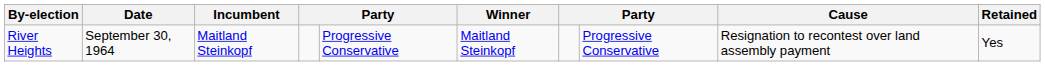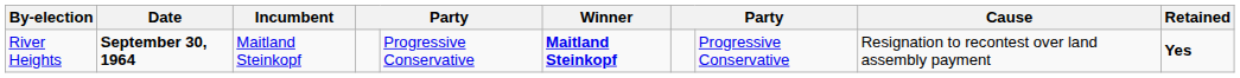 <table class="wikitable" style="width:100%">
 <tr>
 <th>By-election</th>
 <th>Date</th>
 <th>Incumbent</th>
 <th colspan="2">Party</th>
 <th>Winner</th>
 <th colspan="2">Party</th>
 <th>Cause</th>
 <th>Retained</th>
 </tr>
 <tr>
 <td><a href='#'>River Heights</a></td>
-<td>September 30, 1964</td>
+<td><strong>September 30, 1964</strong></td>
 <td><a href='#'>Maitland Steinkopf</a></td>
 <td>    </td>
 <td><a href='#'>Progressive Conservative</a></td>
-<td><a href='#'>Maitland Steinkopf</a></td>
+<td><strong><a href='#'>Maitland Steinkopf</a></strong></td>
 <td>    </td>
 <td><a href='#'>Progressive Conservative</a></td>
 <td>Resignation to recontest over land assembly payment</td>
-<td>Yes</td>
+<td><strong>Yes</strong></td>
 </tr>
 </table>
